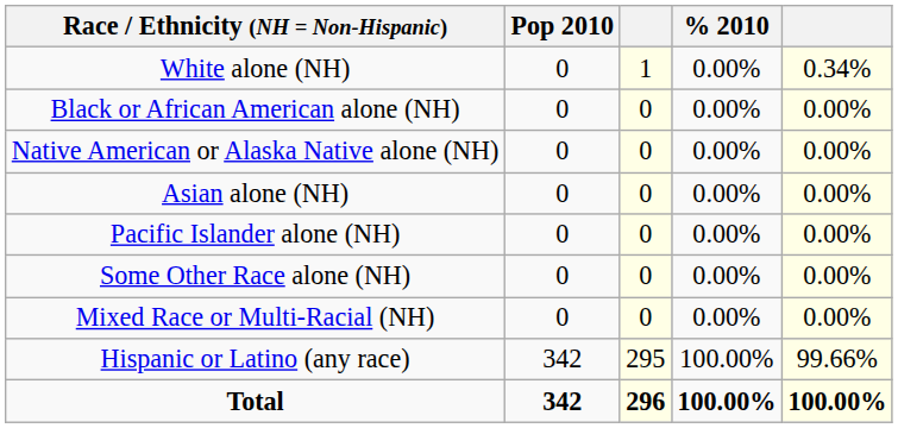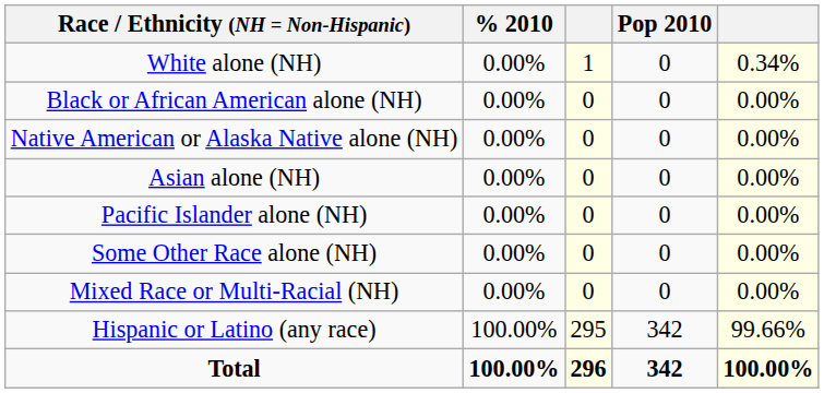 <table class="wikitable" style="text-align:center;">
 <tr>
 <th>Race / Ethnicity <small>(<em>NH = Non-Hispanic</em>)</small></th>
+<th>% 2010</th>
+<th></th>
 <th>Pop 2010</th>
-<th></th>
-<th>% 2010</th>
 <th></th>
 </tr>
 <tr>
 <td><a href='#'>White</a> alone (NH)</td>
+<td>0.00%</td>
+<td style='background: #ffffe6;'>1</td>
 <td>0</td>
-<td style='background: #ffffe6;'>1</td>
-<td>0.00%</td>
 <td style='background: #ffffe6;'>0.34%</td>
 </tr>
 <tr>
 <td><a href='#'>Black or African American</a> alone (NH)</td>
+<td>0.00%</td>
+<td style='background: #ffffe6;'>0</td>
 <td>0</td>
-<td style='background: #ffffe6;'>0</td>
-<td>0.00%</td>
 <td style='background: #ffffe6;'>0.00%</td>
 </tr>
 <tr>
 <td><a href='#'>Native American</a> or <a href='#'>Alaska Native</a> alone (NH)</td>
+<td>0.00%</td>
+<td style='background: #ffffe6;'>0</td>
 <td>0</td>
-<td style='background: #ffffe6;'>0</td>
-<td>0.00%</td>
 <td style='background: #ffffe6;'>0.00%</td>
 </tr>
 <tr>
 <td><a href='#'>Asian</a> alone (NH)</td>
+<td>0.00%</td>
+<td style='background: #ffffe6;'>0</td>
 <td>0</td>
-<td style='background: #ffffe6;'>0</td>
-<td>0.00%</td>
 <td style='background: #ffffe6;'>0.00%</td>
 </tr>
 <tr>
 <td><a href='#'>Pacific Islander</a> alone (NH)</td>
+<td>0.00%</td>
+<td style='background: #ffffe6;'>0</td>
 <td>0</td>
-<td style='background: #ffffe6;'>0</td>
-<td>0.00%</td>
 <td style='background: #ffffe6;'>0.00%</td>
 </tr>
 <tr>
 <td><a href='#'>Some Other Race</a> alone (NH)</td>
+<td>0.00%</td>
+<td style='background: #ffffe6;'>0</td>
 <td>0</td>
-<td style='background: #ffffe6;'>0</td>
-<td>0.00%</td>
 <td style='background: #ffffe6;'>0.00%</td>
 </tr>
 <tr>
 <td><a href='#'>Mixed Race or Multi-Racial</a> (NH)</td>
+<td>0.00%</td>
+<td style='background: #ffffe6;'>0</td>
 <td>0</td>
-<td style='background: #ffffe6;'>0</td>
-<td>0.00%</td>
 <td style='background: #ffffe6;'>0.00%</td>
 </tr>
 <tr>
 <td><a href='#'>Hispanic or Latino</a> (any race)</td>
+<td>100.00%</td>
+<td style='background: #ffffe6;'>295</td>
 <td>342</td>
-<td style='background: #ffffe6;'>295</td>
-<td>100.00%</td>
 <td style='background: #ffffe6;'>99.66%</td>
 </tr>
 <tr>
 <td><strong>Total</strong></td>
+<td><strong>100.00%</strong></td>
+<td style='background: #ffffe6;'><strong>296</strong></td>
 <td><strong>342</strong></td>
-<td style='background: #ffffe6;'><strong>296</strong></td>
-<td><strong>100.00%</strong></td>
 <td style='background: #ffffe6;'><strong>100.00%</strong></td>
 </tr>
 </table>
